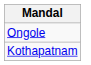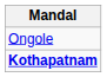 <table class="wikitable sortable static-row-numbers static-row-header-hash">
 <tr>
 <th>Mandal</th>
 </tr>
 <tr>
 <td><a href='#'>Ongole</a></td>
 </tr>
 <tr>
-<td><a href='#'>Kothapatnam</a></td>
+<td><strong><a href='#'>Kothapatnam</a></strong></td>
 </tr>
 </table>
